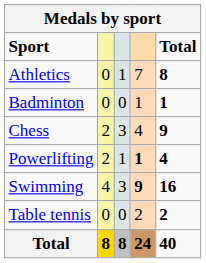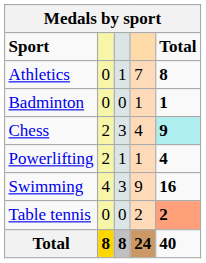 <table class=wikitable style="font-size:95%; ">
 <tr bgcolor=EFEFEF>
 <th colspan=7><strong>Medals by sport</strong></th>
 </tr>
 <tr>
 <td><strong>Sport</strong></td>
 <td bgcolor=F7F6A8></td>
 <td bgcolor=DCE5E5></td>
 <td bgcolor=FFDBA9></td>
 <td><strong>Total</strong></td>
 </tr>
 <tr>
 <td><a href='#'>Athletics</a></td>
 <td bgcolor=F7F6A8>0</td>
 <td bgcolor=DCE5E5>1</td>
 <td bgcolor=FFDAB9>7</td>
 <td><strong>8</strong></td>
 </tr>
 <tr>
 <td><a href='#'>Badminton</a></td>
 <td bgcolor=F7F6A8>0</td>
 <td bgcolor=DCE5E5>0</td>
 <td bgcolor=FFDAB9>1</td>
 <td><strong>1</strong></td>
 </tr>
 <tr>
 <td><a href='#'>Chess</a></td>
 <td bgcolor=F7F6A8>2</td>
 <td bgcolor=DCE5E5>3</td>
 <td bgcolor=FFDAB9>4</td>
-<td><strong>9</strong></td>
+<td style="background: paleturquoise;"><strong>9</strong></td>
 </tr>
 <tr>
 <td><a href='#'>Powerlifting</a></td>
 <td bgcolor=F7F6A8>2</td>
 <td bgcolor=DCE5E5>1</td>
-<td bgcolor=FFDAB9><strong>1</strong></td>
+<td bgcolor=FFDAB9>1</td>
 <td><strong>4</strong></td>
 </tr>
 <tr>
 <td><a href='#'>Swimming</a></td>
 <td bgcolor=F7F6A8>4</td>
 <td bgcolor=DCE5E5>3</td>
-<td bgcolor=FFDAB9><strong>9</strong></td>
+<td bgcolor=FFDAB9>9</td>
 <td><strong>16</strong></td>
 </tr>
 <tr>
 <td><a href='#'>Table tennis</a></td>
 <td bgcolor=F7F6A8>0</td>
 <td bgcolor=DCE5E5>0</td>
 <td bgcolor=FFDAB9>2</td>
-<td><strong>2</strong></td>
+<td style="background: lightsalmon;"><strong>2</strong></td>
 </tr>
 <tr>
 <th><strong>Total</strong></th>
 <td style="background:gold;"><strong>8</strong></td>
 <td style="background:silver;"><strong>8</strong></td>
 <td style="background:#c96;"><strong>24</strong></td>
 <td><strong>40</strong></td>
 </tr>
 </table>
